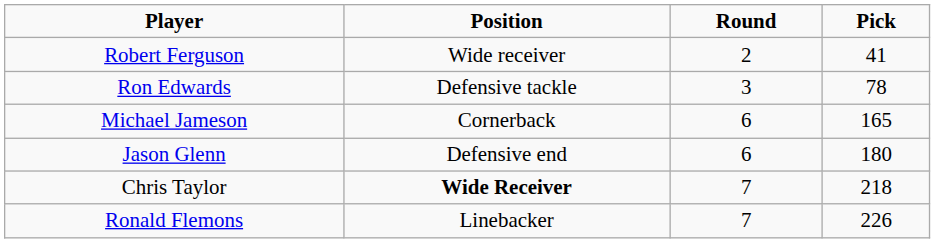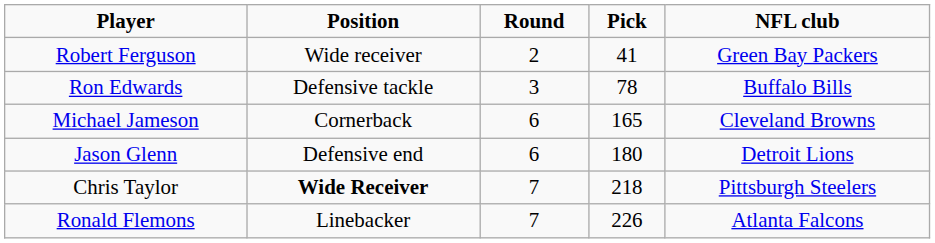 <table class="wikitable" width="80%">
 <tr align="center">
 <td><strong>Player</strong></td>
 <td><strong>Position</strong></td>
 <td><strong>Round</strong></td>
 <td><strong>Pick</strong></td>
+<td><strong>NFL club</strong></td>
 </tr>
 <tr align="center" bgcolor="">
 <td><a href='#'>Robert Ferguson</a></td>
 <td>Wide receiver</td>
 <td>2</td>
 <td>41</td>
+<td><a href='#'>Green Bay Packers</a></td>
 </tr>
 <tr align="center" bgcolor="">
 <td><a href='#'>Ron Edwards</a></td>
 <td>Defensive tackle</td>
 <td>3</td>
 <td>78</td>
+<td><a href='#'>Buffalo Bills</a></td>
 </tr>
 <tr align="center" bgcolor="">
 <td><a href='#'>Michael Jameson</a></td>
 <td>Cornerback</td>
 <td>6</td>
 <td>165</td>
+<td><a href='#'>Cleveland Browns</a></td>
 </tr>
 <tr align="center" bgcolor="">
 <td><a href='#'>Jason Glenn</a></td>
 <td>Defensive end</td>
 <td>6</td>
 <td>180</td>
+<td><a href='#'>Detroit Lions</a></td>
 </tr>
 <tr align="center" bgcolor="">
 <td>Chris Taylor</td>
 <td><strong>Wide Receiver</strong></td>
 <td>7</td>
 <td>218</td>
+<td><a href='#'>Pittsburgh Steelers</a></td>
 </tr>
 <tr align="center" bgcolor="">
 <td><a href='#'>Ronald Flemons</a></td>
 <td>Linebacker</td>
 <td>7</td>
 <td>226</td>
+<td><a href='#'>Atlanta Falcons</a></td>
 </tr>
 </table>
